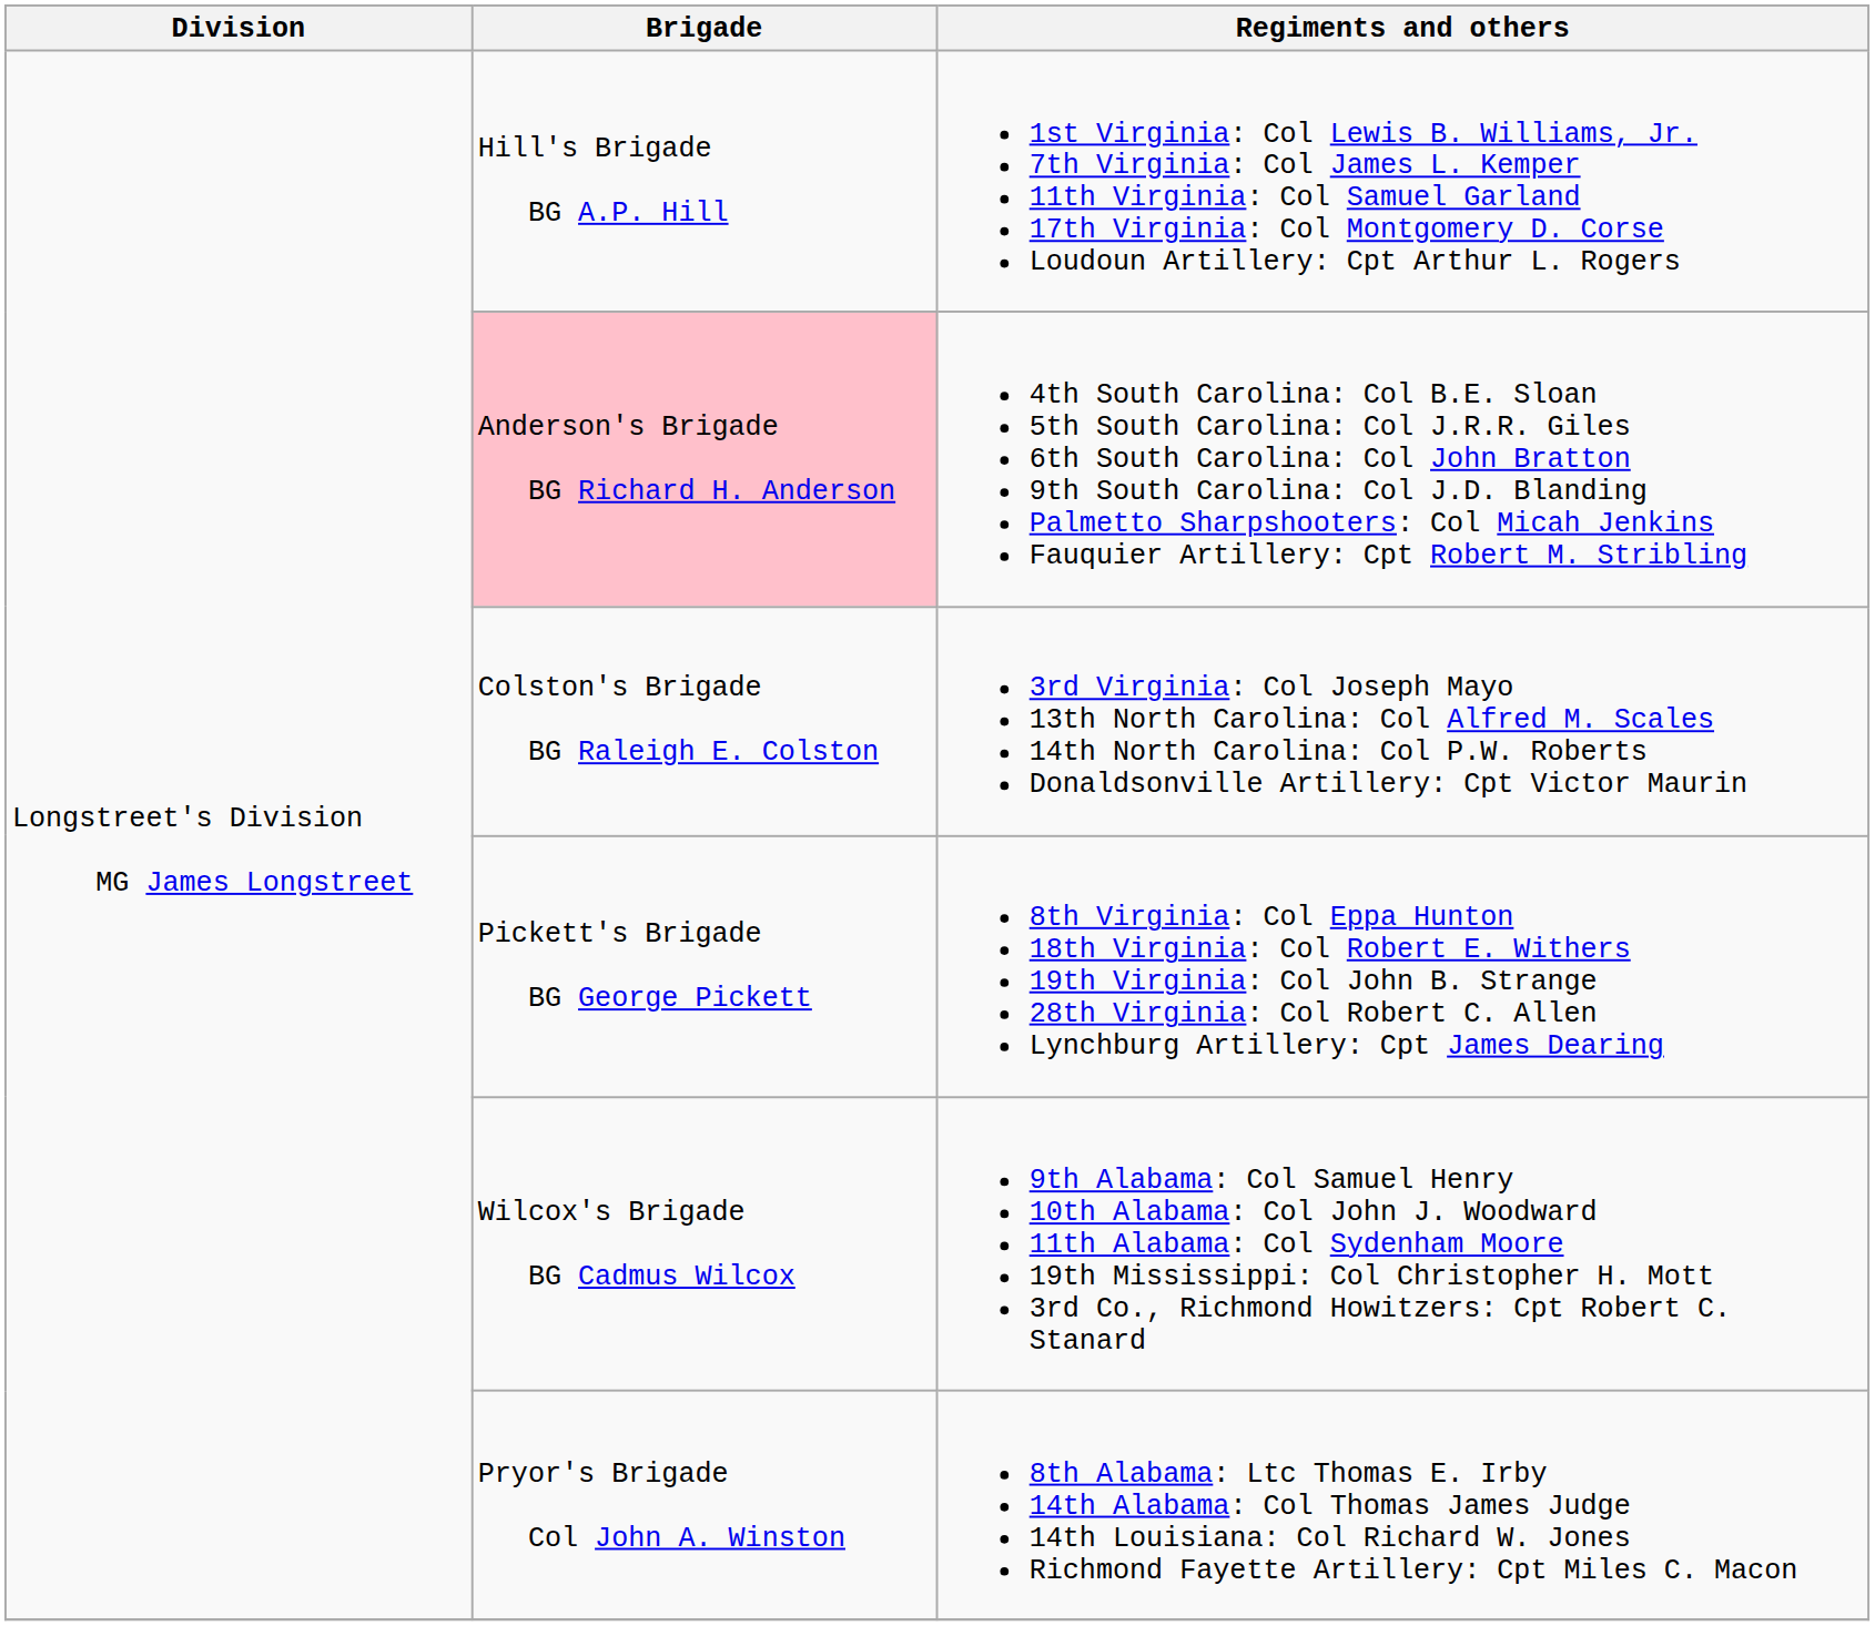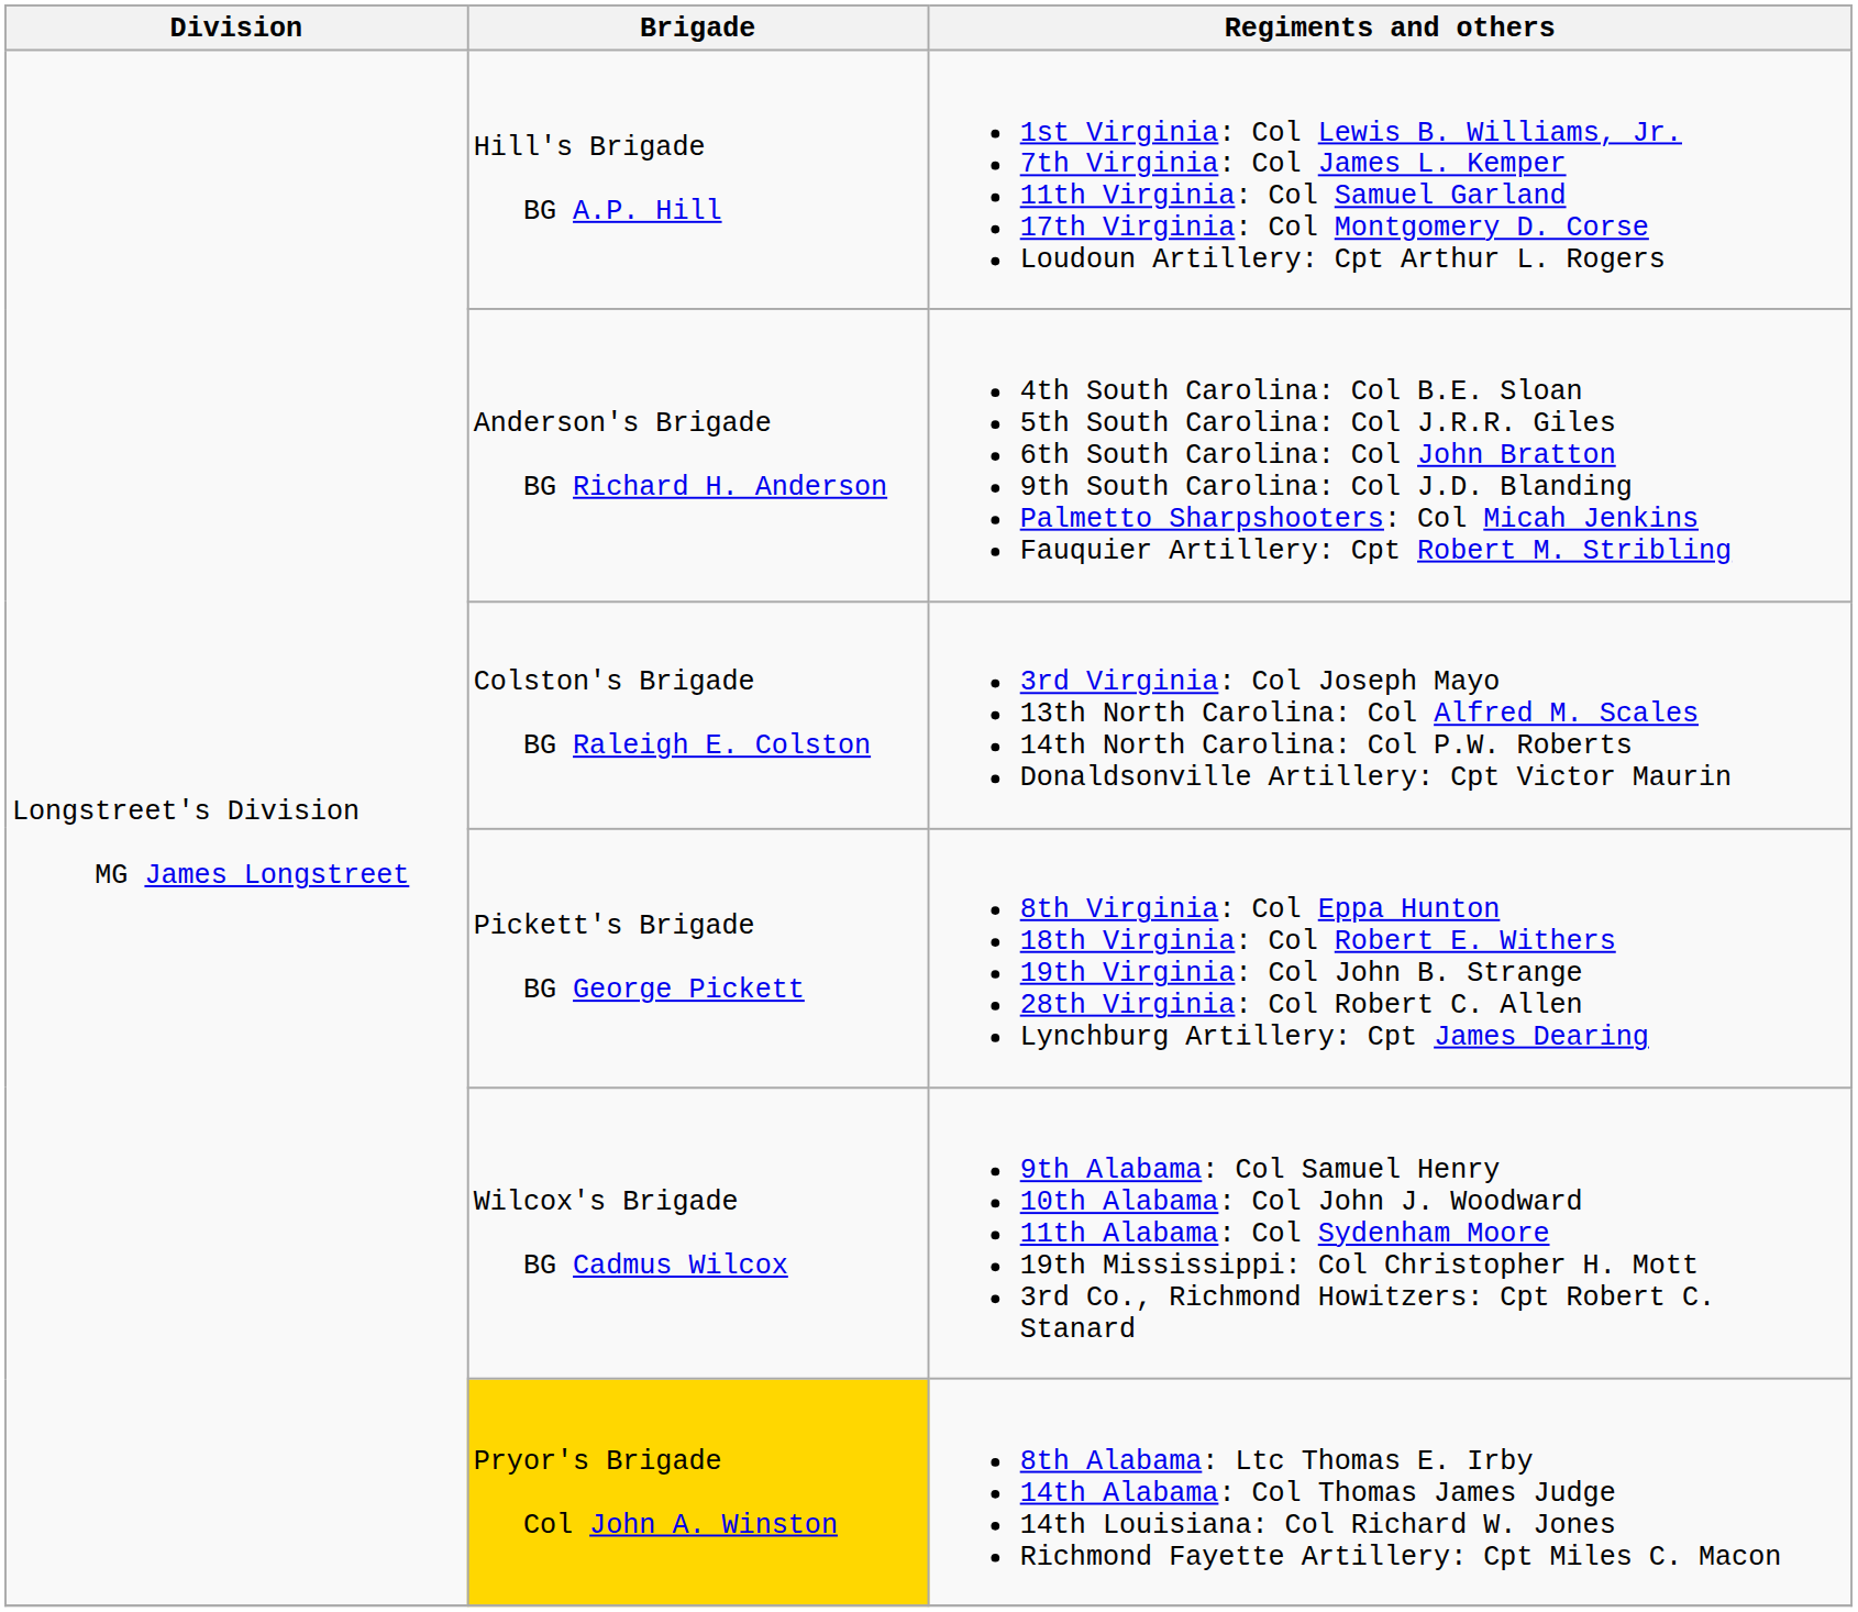 <table class="wikitable">
 <tr>
 <th width=25%>Division</th>
 <th width=25%>Brigade</th>
 <th>Regiments and others</th>
 </tr>
 <tr>
 <td rowspan=6><br>Longstreet's Division<br><br>     MG <a href='#'>James Longstreet</a></td>
 <td>Hill's Brigade<br><br>   BG <a href='#'>A.P. Hill</a></td>
 <td><br><ul><li><a href='#'>1st Virginia</a>: Col <a href='#'>Lewis B. Williams, Jr.</a></li><li><a href='#'>7th Virginia</a>: Col <a href='#'>James L. Kemper</a></li><li><a href='#'>11th Virginia</a>: Col <a href='#'>Samuel Garland</a></li><li><a href='#'>17th Virginia</a>: Col <a href='#'>Montgomery D. Corse</a></li><li>Loudoun Artillery: Cpt Arthur L. Rogers</li></ul></td>
 </tr>
 <tr>
-<td style="background: pink;">Anderson's Brigade<br><br>   BG <a href='#'>Richard H. Anderson</a></td>
+<td>Anderson's Brigade<br><br>   BG <a href='#'>Richard H. Anderson</a></td>
 <td><br><ul><li>4th South Carolina: Col B.E. Sloan</li><li>5th South Carolina: Col J.R.R. Giles</li><li>6th South Carolina: Col <a href='#'>John Bratton</a></li><li>9th South Carolina: Col J.D. Blanding</li><li><a href='#'>Palmetto Sharpshooters</a>: Col <a href='#'>Micah Jenkins</a></li><li>Fauquier Artillery: Cpt <a href='#'>Robert M. Stribling</a></li></ul></td>
 </tr>
 <tr>
 <td>Colston's Brigade<br><br>   BG <a href='#'>Raleigh E. Colston</a></td>
 <td><br><ul><li><a href='#'>3rd Virginia</a>: Col Joseph Mayo</li><li>13th North Carolina: Col <a href='#'>Alfred M. Scales</a></li><li>14th North Carolina: Col P.W. Roberts</li><li>Donaldsonville Artillery: Cpt Victor Maurin</li></ul></td>
 </tr>
 <tr>
 <td>Pickett's Brigade<br><br>   BG <a href='#'>George Pickett</a></td>
 <td><br><ul><li><a href='#'>8th Virginia</a>: Col <a href='#'>Eppa Hunton</a></li><li><a href='#'>18th Virginia</a>: Col <a href='#'>Robert E. Withers</a></li><li><a href='#'>19th Virginia</a>: Col John B. Strange</li><li><a href='#'>28th Virginia</a>: Col Robert C. Allen</li><li>Lynchburg Artillery: Cpt <a href='#'>James Dearing</a></li></ul></td>
 </tr>
 <tr>
 <td>Wilcox's Brigade<br><br>   BG <a href='#'>Cadmus Wilcox</a></td>
 <td><br><ul><li><a href='#'>9th Alabama</a>: Col Samuel Henry</li><li><a href='#'>10th Alabama</a>: Col John J. Woodward</li><li><a href='#'>11th Alabama</a>: Col <a href='#'>Sydenham Moore</a></li><li>19th Mississippi: Col Christopher H. Mott</li><li>3rd Co., Richmond Howitzers: Cpt Robert C. Stanard</li></ul></td>
 </tr>
 <tr>
-<td>Pryor's Brigade<br><br>   Col <a href='#'>John A. Winston</a></td>
+<td style="background: gold;">Pryor's Brigade<br><br>   Col <a href='#'>John A. Winston</a></td>
 <td><br><ul><li><a href='#'>8th Alabama</a>: Ltc Thomas E. Irby</li><li><a href='#'>14th Alabama</a>: Col Thomas James Judge</li><li>14th Louisiana: Col Richard W. Jones</li><li>Richmond Fayette Artillery: Cpt Miles C. Macon</li></ul></td>
 </tr>
 <tr>
 </tr>
 </table>
